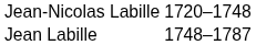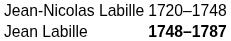 <table>
 <tr>
 <td>Jean-Nicolas Labille</td>
 <td>1720–1748</td>
 </tr>
 <tr>
 <td>Jean Labille</td>
-<td>1748–1787</td>
+<td><strong>1748–1787</strong></td>
 </tr>
 </table>
